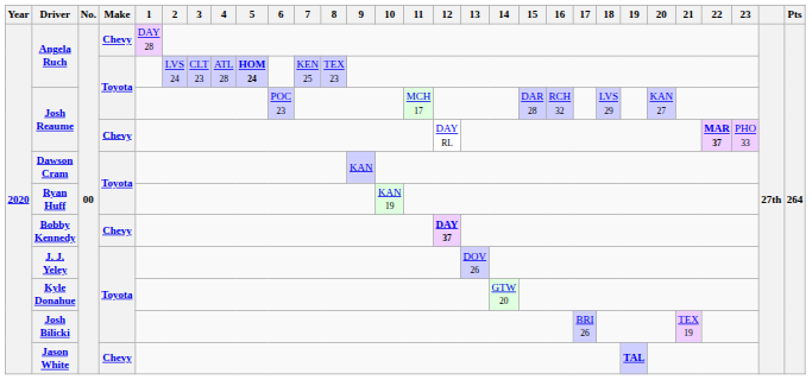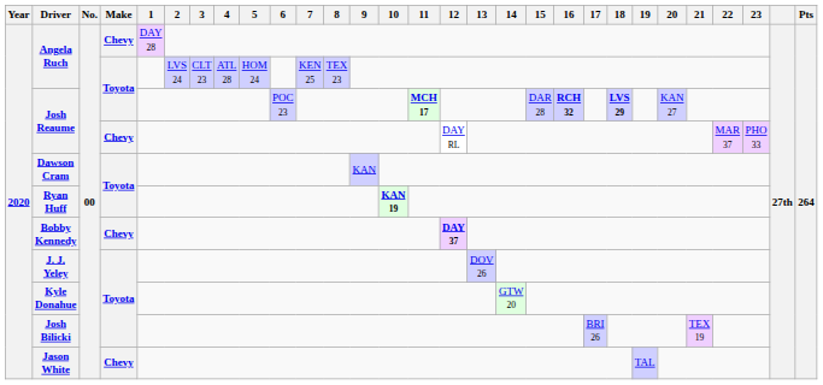 <table class="wikitable" style="text-align:center; font-size:75%">
 <tr>
 <th>Year</th>
 <th>Driver</th>
 <th>No.</th>
 <th>Make</th>
 <th>1</th>
 <th>2</th>
 <th>3</th>
 <th>4</th>
 <th>5</th>
 <th>6</th>
 <th>7</th>
 <th>8</th>
 <th>9</th>
 <th>10</th>
 <th>11</th>
 <th>12</th>
 <th>13</th>
 <th>14</th>
 <th>15</th>
 <th>16</th>
 <th>17</th>
 <th>18</th>
 <th>19</th>
 <th>20</th>
 <th>21</th>
 <th>22</th>
 <th>23</th>
 <th></th>
 <th>Pts</th>
 </tr>
 <tr>
 <th rowspan=11><a href='#'>2020</a></th>
 <th rowspan=2><a href='#'>Angela Ruch</a></th>
 <th rowspan=11>00</th>
 <th><a href='#'>Chevy</a></th>
 <td style="background:#EFCFFF;"><a href='#'>DAY</a><br><small>28</small></td>
 <td colspan=22></td>
 <th rowspan=11>27th</th>
 <th rowspan=11>264</th>
 </tr>
 <tr>
 <th rowspan=2><a href='#'>Toyota</a></th>
 <td></td>
 <td style="background:#CFCFFF;"><a href='#'>LVS</a><br><small>24</small></td>
 <td style="background:#CFCFFF;"><a href='#'>CLT</a><br><small>23</small></td>
 <td style="background:#CFCFFF;"><a href='#'>ATL</a><br><small>28</small></td>
-<td style="background:#CFCFFF;"><strong><a href='#'>HOM</a><br><small>24</small></strong></td>
+<td style="background:#CFCFFF;"><a href='#'>HOM</a><br><small>24</small></td>
 <td></td>
 <td style="background:#CFCFFF;"><a href='#'>KEN</a><br><small>25</small></td>
 <td style="background:#CFCFFF;"><a href='#'>TEX</a><br><small>23</small></td>
 <td colspan=15></td>
 </tr>
 <tr>
 <th rowspan=2><a href='#'>Josh Reaume</a></th>
 <td colspan=5></td>
 <td style="background:#CFCFFF;"><a href='#'>POC</a><br><small>23</small></td>
 <td colspan=4></td>
-<td style="background:#DFFFDF;"><a href='#'>MCH</a><br><small>17</small></td>
+<td style="background:#DFFFDF;"><strong><a href='#'>MCH</a><br><small>17</small></strong></td>
 <td colspan=3></td>
 <td style="background:#CFCFFF;"><a href='#'>DAR</a><br><small>28</small></td>
-<td style="background:#CFCFFF;"><a href='#'>RCH</a><br><small>32</small></td>
+<td style="background:#CFCFFF;"><strong><a href='#'>RCH</a><br><small>32</small></strong></td>
 <td></td>
-<td style="background:#CFCFFF;"><a href='#'>LVS</a><br><small>29</small></td>
+<td style="background:#CFCFFF;"><strong><a href='#'>LVS</a><br><small>29</small></strong></td>
 <td></td>
 <td style="background:#CFCFFF;"><a href='#'>KAN</a><br><small>27</small></td>
 <td colspan=3></td>
 </tr>
 <tr>
 <th><a href='#'>Chevy</a></th>
 <td colspan=11></td>
 <td style="background:#FFFFFF;"><a href='#'>DAY</a><br><small>RL</small></td>
 <td colspan=9></td>
-<td style="background:#EFCFFF;"><strong><a href='#'>MAR</a><br><small>37</small></strong></td>
+<td style="background:#EFCFFF;"><a href='#'>MAR</a><br><small>37</small></td>
 <td style="background:#EFCFFF;"><a href='#'>PHO</a><br><small>33</small></td>
 </tr>
 <tr>
 <th><a href='#'>Dawson Cram</a></th>
 <th rowspan=2><a href='#'>Toyota</a></th>
 <td colspan=8></td>
 <td style="background:#CFCFFF;"><a href='#'>KAN</a><br></td>
 <td colspan=14></td>
 </tr>
 <tr>
 <th><a href='#'>Ryan Huff</a></th>
 <td colspan=9></td>
-<td style="background:#DFFFDF;"><a href='#'>KAN</a><br><small>19</small></td>
+<td style="background:#DFFFDF;"><strong><a href='#'>KAN</a><br><small>19</small></strong></td>
 <td colspan=13></td>
 </tr>
 <tr>
 <th><a href='#'>Bobby Kennedy</a></th>
 <th><a href='#'>Chevy</a></th>
 <td colspan=11></td>
 <td style="background:#EFCFFF;"><strong><a href='#'>DAY</a><br><small>37</small></strong></td>
 <td colspan=11></td>
 </tr>
 <tr>
 <th><a href='#'>J. J. Yeley</a></th>
 <th rowspan=3><a href='#'>Toyota</a></th>
 <td colspan=12></td>
 <td style="background:#CFCFFF;"><a href='#'>DOV</a><br><small>26</small></td>
 <td colspan=10></td>
 </tr>
 <tr>
 <th><a href='#'>Kyle Donahue</a></th>
 <td colspan=13></td>
 <td style="background:#DFFFDF;"><a href='#'>GTW</a><br><small>20</small></td>
 <td colspan=9></td>
 </tr>
 <tr>
 <th><a href='#'>Josh Bilicki</a></th>
 <td colspan=16></td>
 <td style="background:#CFCFFF;"><a href='#'>BRI</a><br><small>26</small></td>
 <td colspan=3></td>
 <td style="background:#EFCFFF;"><a href='#'>TEX</a><br><small>19</small></td>
 <td colspan=2></td>
 </tr>
 <tr>
 <th><a href='#'>Jason White</a></th>
 <th><a href='#'>Chevy</a></th>
 <td colspan=18></td>
-<td style="background:#CFCFFF;"><strong><a href='#'>TAL</a><br></strong></td>
+<td style="background:#CFCFFF;"><a href='#'>TAL</a><br></td>
 <td colspan=4></td>
 </tr>
 </table>
